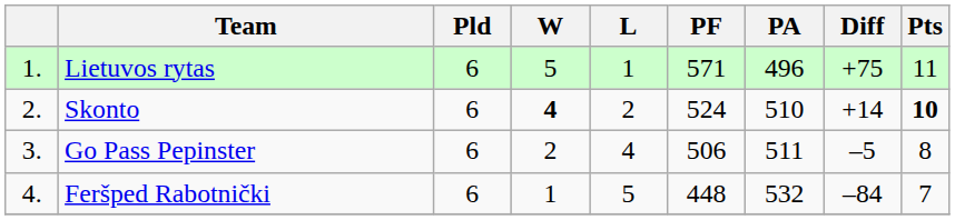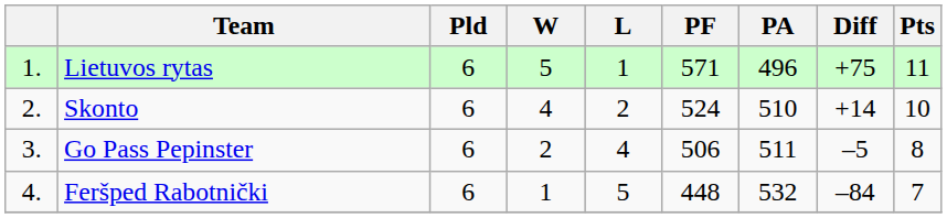 <table class="wikitable" style="text-align:center">
 <tr>
 <th width="25"></th>
 <th width="220">Team</th>
 <th width="40">Pld</th>
 <th width="40">W</th>
 <th width="40">L</th>
 <th width="40">PF</th>
 <th width="40">PA</th>
 <th width="40">Diff</th>
 <th>Pts</th>
 </tr>
 <tr style="background:#cfc;">
 <td>1.</td>
 <td align="left"> <a href='#'>Lietuvos rytas</a></td>
 <td>6</td>
 <td>5</td>
 <td>1</td>
 <td>571</td>
 <td>496</td>
 <td>+75</td>
 <td>11</td>
 </tr>
 <tr>
 <td>2.</td>
 <td align="left"> <a href='#'>Skonto</a></td>
 <td>6</td>
-<td><strong>4</strong></td>
+<td>4</td>
 <td>2</td>
 <td>524</td>
 <td>510</td>
 <td>+14</td>
-<td><strong>10</strong></td>
+<td>10</td>
 </tr>
 <tr>
 <td>3.</td>
 <td align="left"> <a href='#'>Go Pass Pepinster</a></td>
 <td>6</td>
 <td>2</td>
 <td>4</td>
 <td>506</td>
 <td>511</td>
 <td>–5</td>
 <td>8</td>
 </tr>
 <tr>
 <td>4.</td>
 <td align="left"> <a href='#'>Feršped Rabotnički</a></td>
 <td>6</td>
 <td>1</td>
 <td>5</td>
 <td>448</td>
 <td>532</td>
 <td>–84</td>
 <td>7</td>
 </tr>
 <tr>
 </tr>
 </table>
